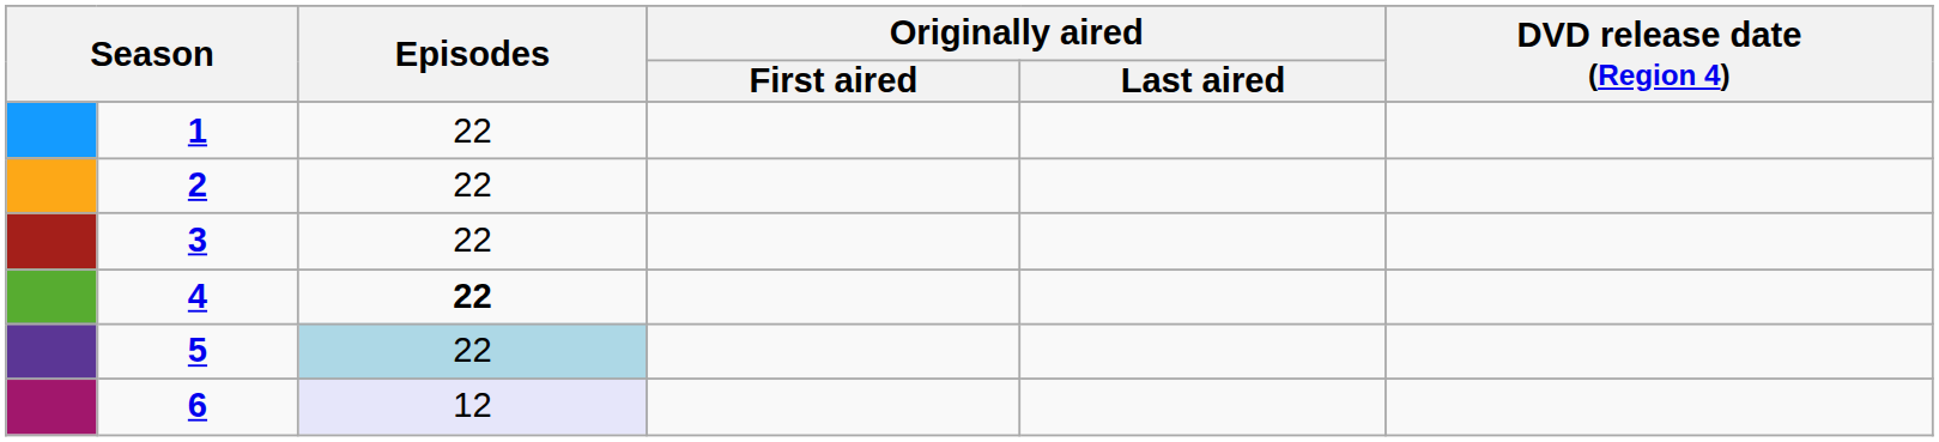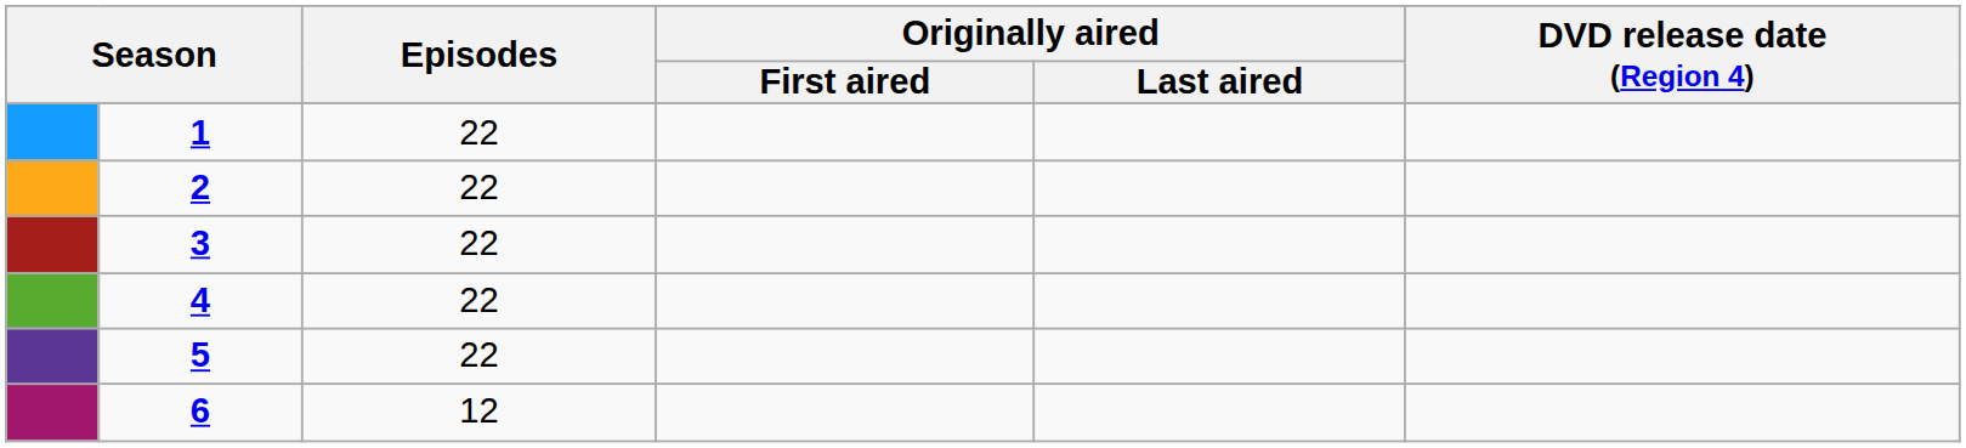 <table class="wikitable"  style="width:70%; text-align:center;">
 <tr>
 <th style="padding: 0 8px;" colspan="2" rowspan="2">Season</th>
 <th style="padding: 0 8px;" rowspan="2">Episodes</th>
 <th colspan="2">Originally aired</th>
 <th rowspan="2">DVD release date <br> <small>(<a href='#'>Region 4</a>)</small></th>
 </tr>
 <tr>
 <th style="padding: 0 8px;">First aired</th>
 <th style="padding: 0 8px;">Last aired</th>
 </tr>
 <tr>
 <td style="background:#149bff;"></td>
 <td><strong><a href='#'>1</a></strong></td>
 <td>22</td>
 <td style="padding: 0 8px;"></td>
 <td style="padding: 0 8px;"></td>
 <td style="padding: 0 8px;"></td>
 </tr>
 <tr>
 <td style="background:#fda817;"></td>
 <td><strong><a href='#'>2</a></strong></td>
 <td>22</td>
 <td style="padding: 0 8px;"></td>
 <td style="padding: 0 8px;"></td>
 <td style="padding: 0 8px;"></td>
 </tr>
 <tr>
 <td style="background:#A41F1A;"></td>
 <td><strong><a href='#'>3</a></strong></td>
 <td>22</td>
 <td style="padding: 0 8px;"></td>
 <td style="padding: 0 8px;"></td>
 <td style="padding: 0 8px;"></td>
 </tr>
 <tr>
 <td style="background:#57AC30;"></td>
 <td><strong><a href='#'>4</a></strong></td>
-<td><strong>22</strong></td>
+<td>22</td>
 <td style="padding: 0 8px;"></td>
 <td style="padding: 0 8px;"></td>
 <td style="padding: 0 8px;"></td>
 </tr>
 <tr>
 <td style="background:#5b3695;"></td>
 <td><strong><a href='#'>5</a></strong></td>
-<td style="background: lightblue;">22</td>
+<td>22</td>
 <td style="padding: 0 8px;"></td>
 <td style="padding: 0 8px;"></td>
 <td style="padding: 0 8px;"></td>
 </tr>
 <tr>
 <td style="background:#A1176C;"></td>
 <td><strong><a href='#'>6</a></strong></td>
-<td style="background: lavender;">12</td>
+<td>12</td>
 <td style="padding: 0 8px;"></td>
 <td style="padding: 0 8px;"></td>
 <td style="padding: 0 8px;"></td>
 </tr>
 </table>
